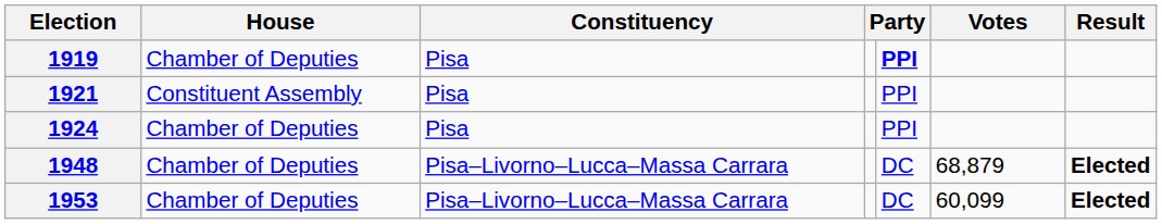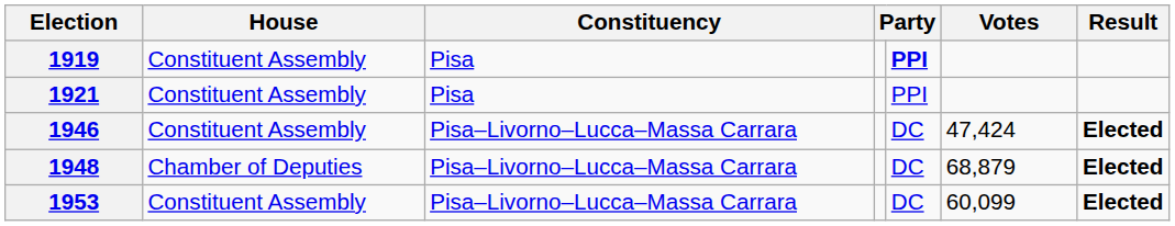 <table class=wikitable style="width:65%; border:1px #AAAAFF solid">
 <tr>
 <th width=12%>Election</th>
 <th width=25%>House</th>
 <th width=40%>Constituency</th>
 <th width=5% colspan="2">Party</th>
 <th width=12%>Votes</th>
 <th width=12%>Result</th>
 </tr>
 <tr>
 <th><a href='#'>1919</a></th>
-<td><a href='#'>Chamber of Deputies</a></td>
+<td><a href='#'>Constituent Assembly</a></td>
 <td><a href='#'>Pisa</a></td>
 <td></td>
 <td><strong><a href='#'>PPI</a></strong></td>
 <td></td>
 <td></td>
 </tr>
 <tr>
 <th><a href='#'>1921</a></th>
 <td><a href='#'>Constituent Assembly</a></td>
 <td><a href='#'>Pisa</a></td>
 <td></td>
 <td><a href='#'>PPI</a></td>
 <td></td>
 <td></td>
 </tr>
 <tr>
-<th><a href='#'>1924</a></th>
-<td><a href='#'>Chamber of Deputies</a></td>
-<td><a href='#'>Pisa</a></td>
+<th><a href='#'>1946</a></th>
+<td><a href='#'>Constituent Assembly</a></td>
+<td><a href='#'>Pisa–Livorno–Lucca–Massa Carrara</a></td>
 <td></td>
-<td><a href='#'>PPI</a></td>
-<td></td>
-<td></td>
+<td><a href='#'>DC</a></td>
+<td>47,424</td>
+<td> <strong>Elected</strong></td>
 </tr>
 <tr>
 <th><a href='#'>1948</a></th>
 <td><a href='#'>Chamber of Deputies</a></td>
 <td><a href='#'>Pisa–Livorno–Lucca–Massa Carrara</a></td>
 <td></td>
 <td><a href='#'>DC</a></td>
 <td>68,879</td>
 <td> <strong>Elected</strong></td>
 </tr>
 <tr>
 <th><a href='#'>1953</a></th>
-<td><a href='#'>Chamber of Deputies</a></td>
+<td><a href='#'>Constituent Assembly</a></td>
 <td><a href='#'>Pisa–Livorno–Lucca–Massa Carrara</a></td>
 <td></td>
 <td><a href='#'>DC</a></td>
 <td>60,099</td>
 <td> <strong>Elected</strong></td>
 </tr>
 </table>
